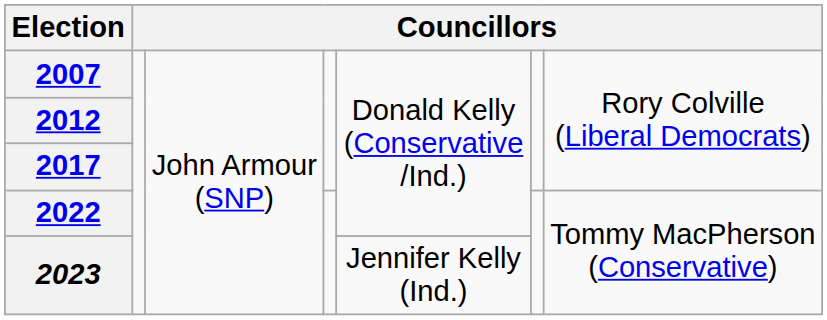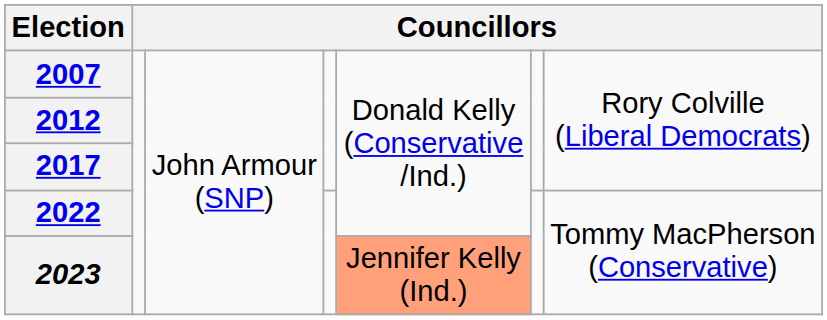 <table class="wikitable" style="text-align:center">
 <tr>
 <th>Election</th>
 <th colspan=8>Councillors</th>
 </tr>
 <tr>
 <th><a href='#'>2007</a></th>
 <td rowspan=5; style="background-color: "></td>
 <td rowspan=5>John Armour<br>(<a href='#'>SNP</a>)</td>
 <td rowspan=3; style="background-color: "></td>
 <td rowspan=4>Donald Kelly<br>(<a href='#'>Conservative</a><br>/Ind.)</td>
 <td rowspan=3; style="background-color: "></td>
 <td rowspan=3>Rory Colville<br>(<a href='#'>Liberal Democrats</a>)</td>
 </tr>
 <tr>
 <th><a href='#'>2012</a></th>
 </tr>
 <tr>
 <th><a href='#'>2017</a></th>
 </tr>
 <tr>
 <th><a href='#'>2022</a></th>
 <td rowspan=3; style="background-color: "></td>
 <td rowspan=2; style="background-color: "></td>
 <td rowspan=2>Tommy MacPherson<br>(<a href='#'>Conservative</a>)</td>
 </tr>
 <tr>
 <th><em>2023</em></th>
-<td>Jennifer Kelly<br>(Ind.)</td>
+<td style="background: lightsalmon;">Jennifer Kelly<br>(Ind.)</td>
 </tr>
 </table>
